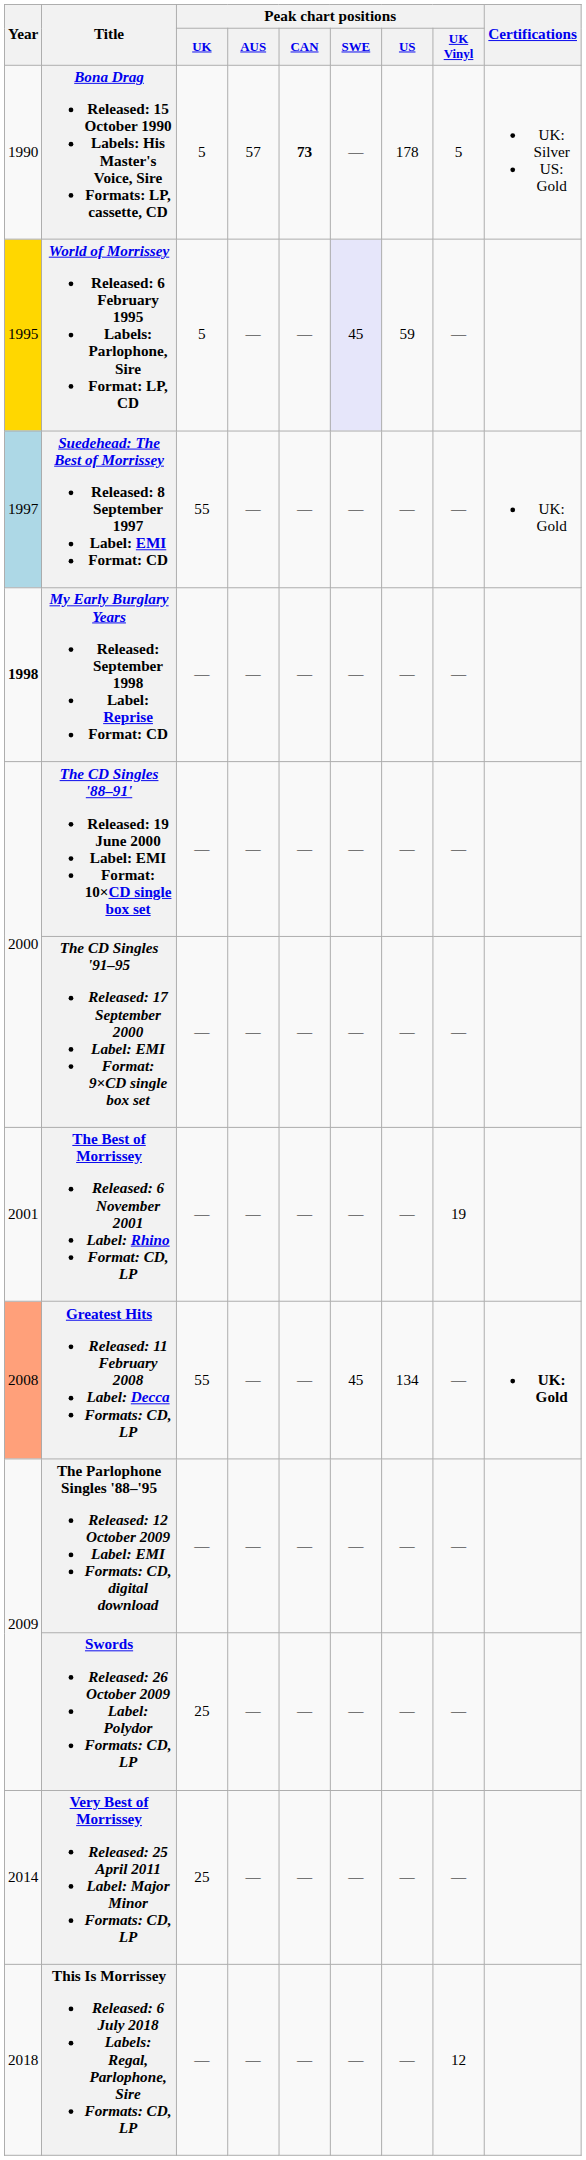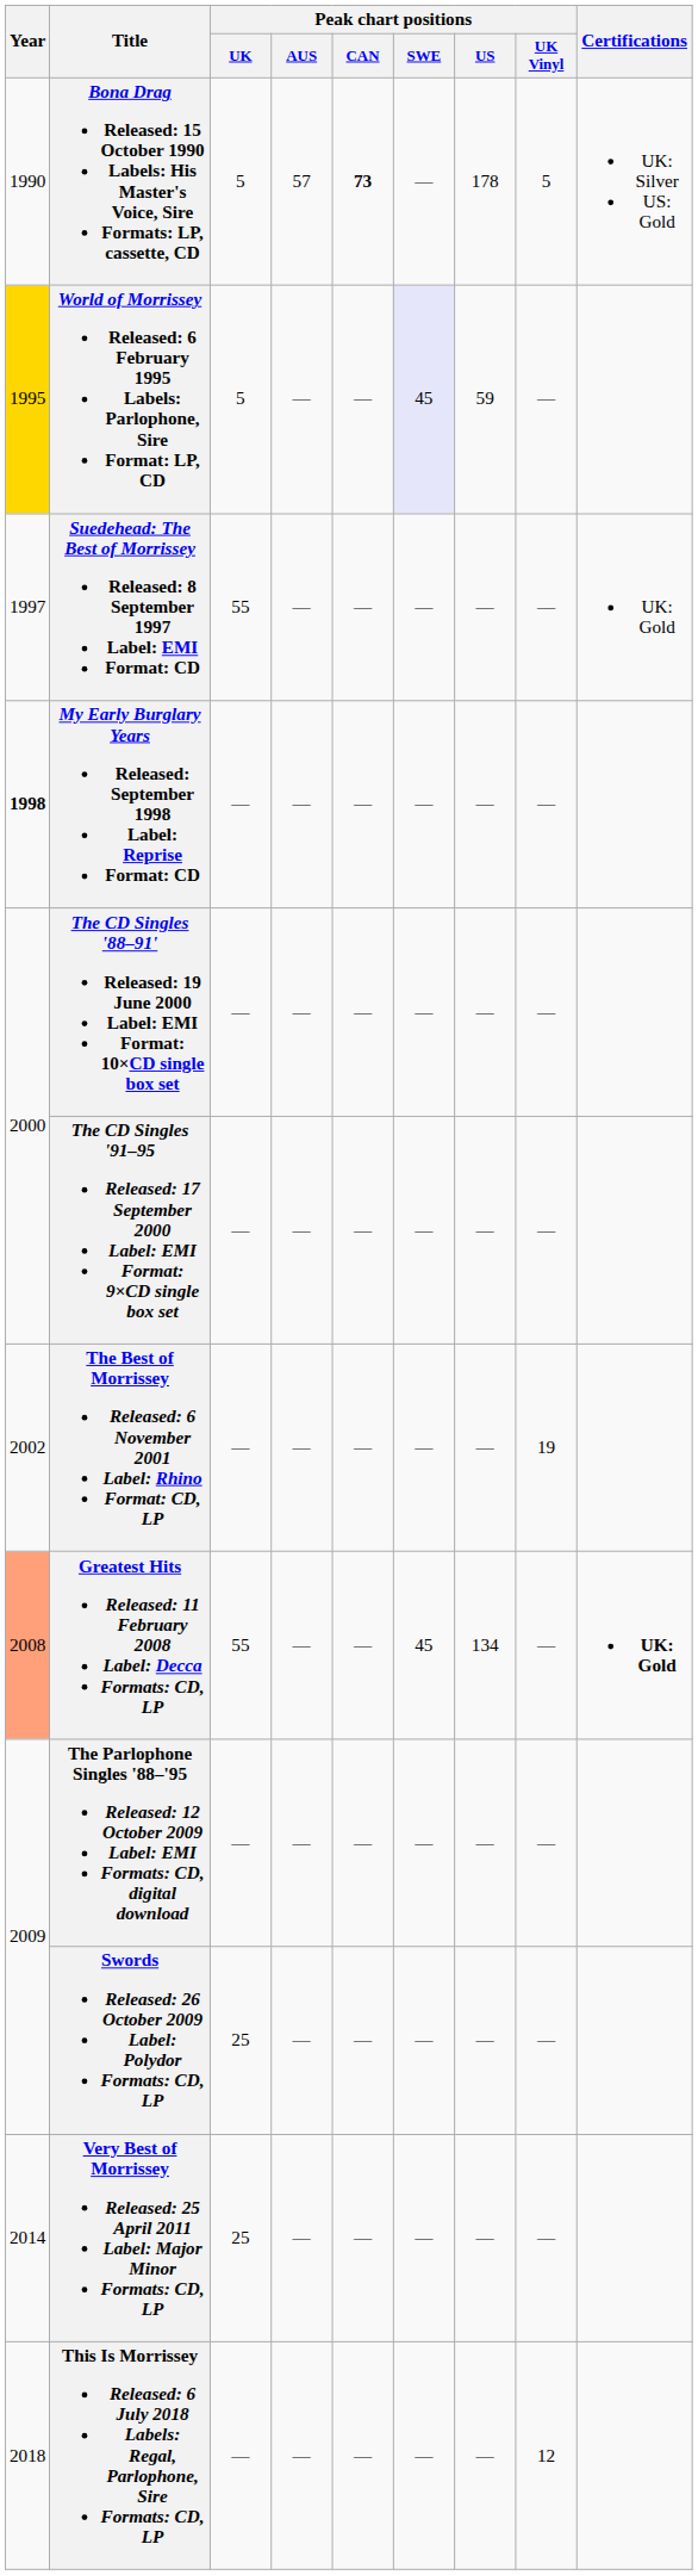 <table class="wikitable plainrowheaders">
 <tr>
 <th scope="col" rowspan="2">Year</th>
 <th scope="col" rowspan="2">Title</th>
 <th scope="col" colspan="6">Peak chart positions</th>
 <th scope="col" rowspan="2"><a href='#'>Certifications</a></th>
 </tr>
 <tr>
 <th style="width:3.5em;font-size:85%"><a href='#'>UK</a><br></th>
 <th style="width:3.5em;font-size:85%"><a href='#'>AUS</a><br></th>
 <th style="width:3.5em;font-size:85%"><a href='#'>CAN</a><br></th>
 <th style="width:3.5em;font-size:85%"><a href='#'>SWE</a><br></th>
 <th style="width:3.5em;font-size:85%"><a href='#'>US</a><br></th>
 <th style="width:3.5em;font-size:85%"><a href='#'>UK Vinyl</a></th>
 </tr>
 <tr align="center">
 <td>1990</td>
 <th scope="row"><em><a href='#'>Bona Drag</a></em><br><ul><li>Released: 15 October 1990</li><li>Labels: His Master's Voice, Sire</li><li>Formats: LP, cassette, CD</li></ul></th>
 <td>5</td>
 <td>57</td>
 <td><strong>73</strong></td>
 <td>—</td>
 <td>178</td>
 <td>5</td>
 <td><br><ul><li>UK: Silver</li><li>US: Gold</li></ul></td>
 </tr>
 <tr align="center">
 <td style="background: gold;">1995</td>
 <th scope="row"><em><a href='#'>World of Morrissey</a></em><br><ul><li>Released: 6 February 1995</li><li>Labels: Parlophone, Sire</li><li>Format: LP, CD</li></ul></th>
 <td>5</td>
 <td>—</td>
 <td>—</td>
 <td style="background: lavender;">45</td>
 <td>59</td>
 <td>—</td>
 <td></td>
 </tr>
 <tr align="center">
-<td style="background: lightblue;">1997</td>
+<td>1997</td>
 <th scope="row"><em><a href='#'>Suedehead: The Best of Morrissey</a></em><br><ul><li>Released: 8 September 1997</li><li>Label: <a href='#'>EMI</a></li><li>Format: CD</li></ul></th>
 <td>55</td>
 <td>—</td>
 <td>—</td>
 <td>—</td>
 <td>—</td>
 <td>—</td>
 <td><br><ul><li>UK: Gold</li></ul></td>
 </tr>
 <tr align="center">
 <td><strong>1998</strong></td>
 <th scope="row"><em><a href='#'>My Early Burglary Years</a></em><br><ul><li>Released: September 1998</li><li>Label: <a href='#'>Reprise</a></li><li>Format: CD</li></ul></th>
 <td>—</td>
 <td>—</td>
 <td>—</td>
 <td>—</td>
 <td>—</td>
 <td>—</td>
 <td></td>
 </tr>
 <tr align="center">
 <td rowspan="2">2000</td>
 <th scope="row"><em><a href='#'>The CD Singles '88–91'</a></em><br><ul><li>Released: 19 June 2000</li><li>Label: EMI</li><li>Format: 10×<a href='#'>CD single</a> <a href='#'>box set</a></li></ul></th>
 <td>—</td>
 <td>—</td>
 <td>—</td>
 <td>—</td>
 <td>—</td>
 <td>—</td>
 <td></td>
 </tr>
 <tr align="center">
 <th scope="row"><em>The CD Singles '91–95<strong><br><ul><li>Released: 17 September 2000</li><li>Label: EMI</li><li>Format: 9×CD single box set</li></ul></th>
 <td>—</td>
 <td>—</td>
 <td>—</td>
 <td>—</td>
 <td>—</td>
 <td>—</td>
 <td></td>
 </tr>
 <tr align="center">
-<td>2001</td>
+<td>2002</td>
 <th scope="row"></em><a href='#'>The Best of Morrissey</a><em><br><ul><li>Released: 6 November 2001</li><li>Label: <a href='#'>Rhino</a></li><li>Format: CD, LP</li></ul></th>
 <td>—</td>
 <td>—</td>
 <td>—</td>
 <td>—</td>
 <td>—</td>
 <td>19</td>
 <td></td>
 </tr>
 <tr align="center">
 <td style="background: lightsalmon;">2008</td>
 <th scope="row"></em><a href='#'>Greatest Hits</a><em><br><ul><li>Released: 11 February 2008</li><li>Label: <a href='#'>Decca</a></li><li>Formats: CD, LP</li></ul></th>
 <td>55</td>
 <td>—</td>
 <td>—</td>
 <td>45</td>
 <td>134</td>
 <td>—</td>
 <td><strong><br><ul><li>UK: Gold</li></ul></strong></td>
 </tr>
 <tr align="center">
 <td rowspan="2">2009</td>
 <th scope="row"></em>The Parlophone Singles '88–'95<em><br><ul><li>Released: 12 October 2009</li><li>Label: EMI</li><li>Formats: CD, digital download</li></ul></th>
 <td>—</td>
 <td>—</td>
 <td>—</td>
 <td>—</td>
 <td>—</td>
 <td>—</td>
 <td></td>
 </tr>
 <tr align="center">
 <th scope="row"></em><a href='#'>Swords</a><em><br><ul><li>Released: 26 October 2009</li><li>Label: Polydor</li><li>Formats: CD, LP</li></ul></th>
 <td>25<br></td>
 <td>—</td>
 <td>—</td>
 <td>—</td>
 <td>—</td>
 <td>—</td>
 <td></td>
 </tr>
 <tr align="center">
 <td>2014</td>
 <th scope="row"></em><a href='#'>Very Best of Morrissey</a><em><br><ul><li>Released: 25 April 2011</li><li>Label: Major Minor</li><li>Formats: CD, LP</li></ul></th>
 <td>25<br></td>
 <td>—</td>
 <td>—</td>
 <td>—</td>
 <td>—</td>
 <td>—</td>
 <td></td>
 </tr>
 <tr align="center">
 <td>2018</td>
 <th scope="row"></em>This Is Morrissey<em><br><ul><li>Released: 6 July 2018</li><li>Labels: Regal, Parlophone, Sire</li><li>Formats: CD, LP</li></ul></th>
 <td>—</td>
 <td>—</td>
 <td>—</td>
 <td>—</td>
 <td>—</td>
 <td>12</td>
 <td></td>
 </tr>
 </table>
